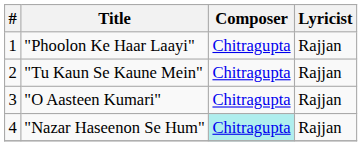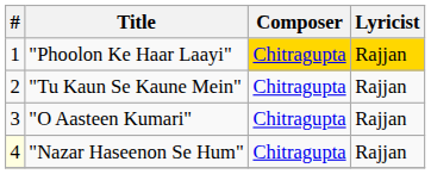 <table class="wikitable" style="font-size:95%;">
 <tr>
 <th>#</th>
 <th>Title</th>
 <th>Composer</th>
 <th>Lyricist</th>
 </tr>
 <tr>
 <td>1</td>
 <td>"Phoolon Ke Haar Laayi"</td>
-<td><a href='#'>Chitragupta</a></td>
-<td>Rajjan</td>
+<td style="background: gold;"><a href='#'>Chitragupta</a></td>
+<td style="background: gold;">Rajjan</td>
 </tr>
 <tr>
 <td>2</td>
 <td>"Tu Kaun Se Kaune Mein"</td>
 <td><a href='#'>Chitragupta</a></td>
 <td>Rajjan</td>
 </tr>
 <tr>
 <td>3</td>
 <td>"O Aasteen Kumari"</td>
 <td><a href='#'>Chitragupta</a></td>
 <td>Rajjan</td>
 </tr>
 <tr>
-<td>4</td>
+<td style="background: lightyellow;">4</td>
 <td>"Nazar Haseenon Se Hum"</td>
-<td style="background: paleturquoise;"><a href='#'>Chitragupta</a></td>
+<td><a href='#'>Chitragupta</a></td>
 <td>Rajjan</td>
 </tr>
 <tr>
 </tr>
 </table>
